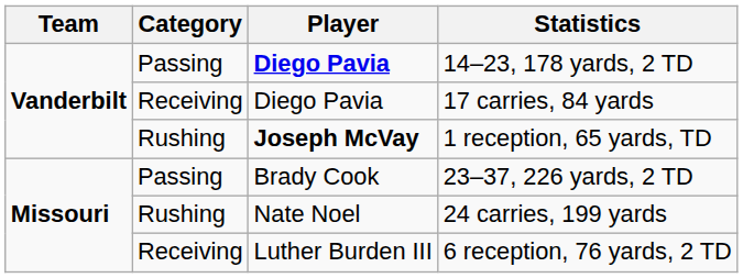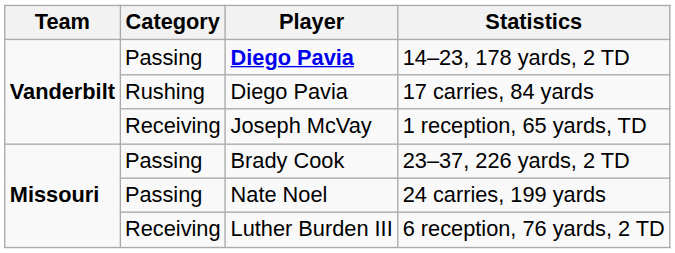 <table class="wikitable" style="float: right;">
 <tr>
 <th>Team</th>
 <th>Category</th>
 <th>Player</th>
 <th>Statistics</th>
 </tr>
 <tr>
 <td rowspan=3><strong>Vanderbilt</strong></td>
 <td>Passing</td>
 <td><strong><a href='#'>Diego Pavia</a></strong></td>
 <td>14–23, 178 yards, 2 TD</td>
 </tr>
 <tr>
-<td>Receiving</td>
+<td>Rushing</td>
 <td>Diego Pavia</td>
 <td>17 carries, 84 yards</td>
 </tr>
 <tr>
-<td>Rushing</td>
-<td><strong>Joseph McVay</strong></td>
+<td>Receiving</td>
+<td>Joseph McVay</td>
 <td>1 reception, 65 yards, TD</td>
 </tr>
 <tr>
 <td rowspan=3><strong>Missouri</strong></td>
 <td>Passing</td>
 <td>Brady Cook</td>
 <td>23–37, 226 yards, 2 TD</td>
 </tr>
 <tr>
-<td>Rushing</td>
+<td>Passing</td>
 <td>Nate Noel</td>
 <td>24 carries, 199 yards</td>
 </tr>
 <tr>
 <td>Receiving</td>
 <td>Luther Burden III</td>
 <td>6 reception, 76 yards, 2 TD</td>
 </tr>
 </table>
